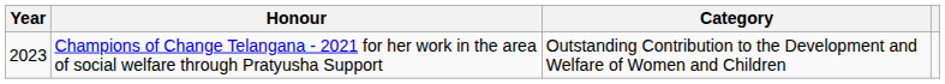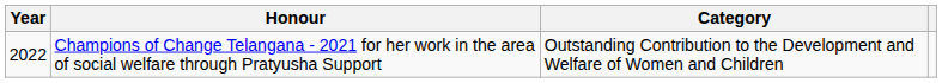 <table class="wikitable" style="width:70%;">
 <tr>
 <th>Year</th>
 <th>Honour</th>
 <th>Category</th>
 <th></th>
 </tr>
 <tr>
-<td>2023</td>
+<td>2022</td>
 <td><a href='#'>Champions of Change Telangana - 2021</a> for her work in the area of social welfare through Pratyusha Support</td>
 <td>Outstanding Contribution to the Development and Welfare of Women and Children</td>
 <td></td>
 </tr>
 </table>
